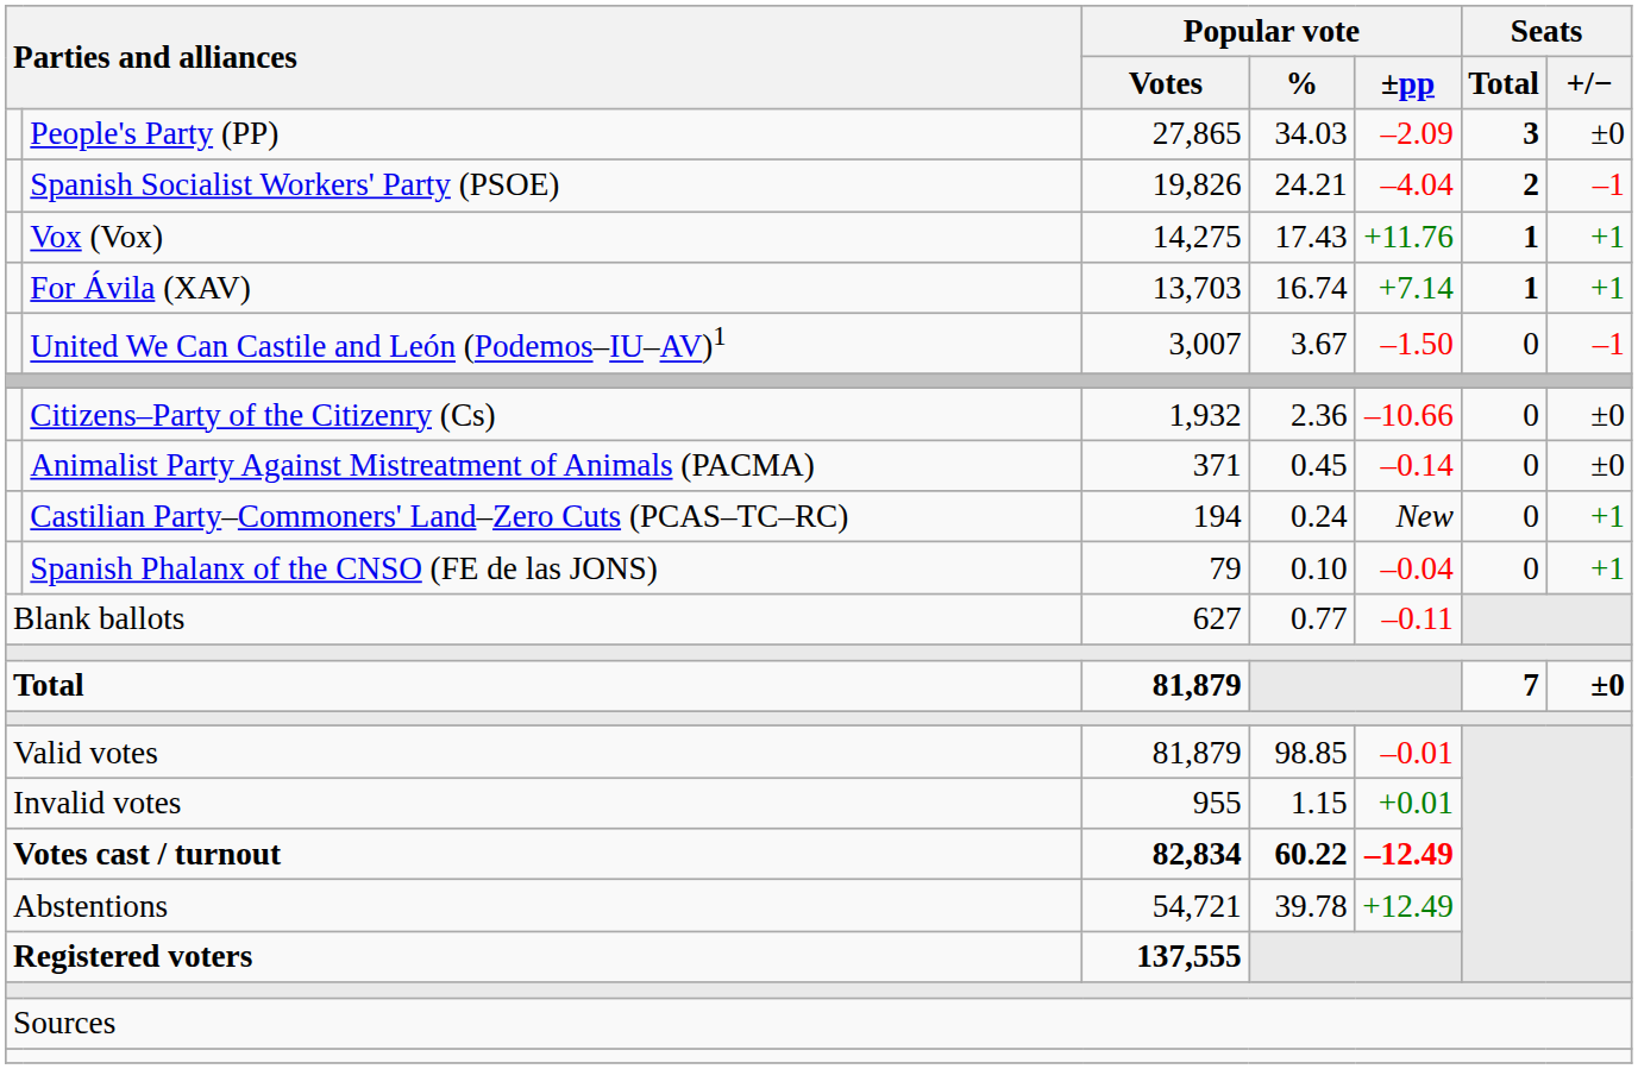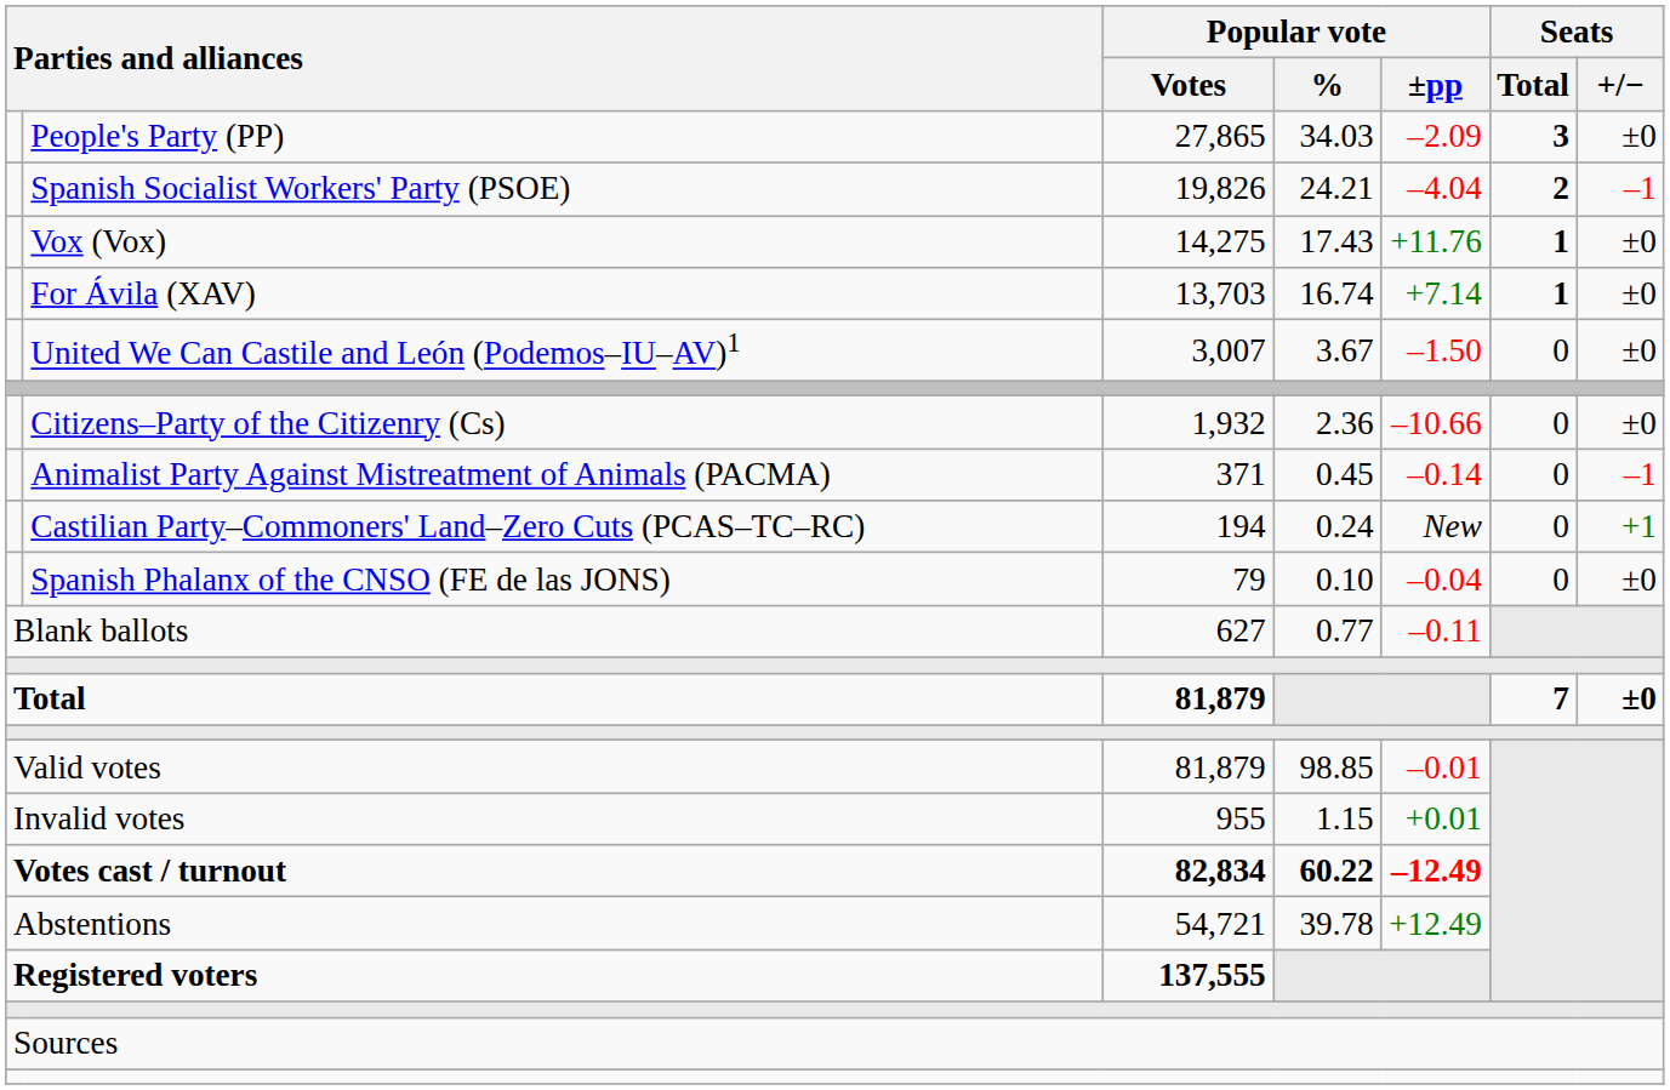 <table class="wikitable" style="text-align:right;">
 <tr>
 <th style="text-align:left;" rowspan="2" colspan="2" width="525">Parties and alliances</th>
 <th colspan="3">Popular vote</th>
 <th colspan="2">Seats</th>
 </tr>
 <tr>
 <th width="75">Votes</th>
 <th width="45">%</th>
 <th width="45">±<a href='#'>pp</a></th>
 <th width="35">Total</th>
 <th width="35">+/−</th>
 </tr>
 <tr>
 <td width="1" style="color:inherit;background:"></td>
 <td align="left"><a href='#'>People's Party</a> (PP)</td>
 <td>27,865</td>
 <td>34.03</td>
 <td style="color:red;">–2.09</td>
 <td><strong>3</strong></td>
 <td>±0</td>
 </tr>
 <tr>
 <td style="color:inherit;background:"></td>
 <td align="left"><a href='#'>Spanish Socialist Workers' Party</a> (PSOE)</td>
 <td>19,826</td>
 <td>24.21</td>
 <td style="color:red;">–4.04</td>
 <td><strong>2</strong></td>
 <td style="color:red;">–1</td>
 </tr>
 <tr>
 <td style="color:inherit;background:"></td>
 <td align="left"><a href='#'>Vox</a> (Vox)</td>
 <td>14,275</td>
 <td>17.43</td>
 <td style="color:green;">+11.76</td>
 <td><strong>1</strong></td>
-<td style="color:green;">+1</td>
+<td>±0</td>
 </tr>
 <tr>
 <td style="color:inherit;background:"></td>
 <td align="left"><a href='#'>For Ávila</a> (XAV)</td>
 <td>13,703</td>
 <td>16.74</td>
 <td style="color:green;">+7.14</td>
 <td><strong>1</strong></td>
-<td style="color:green;">+1</td>
+<td>±0</td>
 </tr>
 <tr>
 <td style="color:inherit;background:"></td>
 <td align="left"><a href='#'>United We Can Castile and León</a> (<a href='#'>Podemos</a>–<a href='#'>IU</a>–<a href='#'>AV</a>)<sup>1</sup></td>
 <td>3,007</td>
 <td>3.67</td>
 <td style="color:red;">–1.50</td>
 <td>0</td>
-<td style="color:red;">–1</td>
+<td>±0</td>
 </tr>
 <tr>
 <td colspan="7" bgcolor="#C0C0C0"></td>
 </tr>
 <tr>
 <td style="color:inherit;background:"></td>
 <td align="left"><a href='#'>Citizens–Party of the Citizenry</a> (Cs)</td>
 <td>1,932</td>
 <td>2.36</td>
 <td style="color:red;">–10.66</td>
 <td>0</td>
 <td>±0</td>
 </tr>
 <tr>
 <td style="color:inherit;background:"></td>
 <td align="left"><a href='#'>Animalist Party Against Mistreatment of Animals</a> (PACMA)</td>
 <td>371</td>
 <td>0.45</td>
 <td style="color:red;">–0.14</td>
 <td>0</td>
-<td>±0</td>
+<td style="color:red;">–1</td>
 </tr>
 <tr>
 <td style="color:inherit;background:"></td>
 <td align="left"><a href='#'>Castilian Party</a>–<a href='#'>Commoners' Land</a>–<a href='#'>Zero Cuts</a> (PCAS–TC–RC)</td>
 <td>194</td>
 <td>0.24</td>
 <td><em>New</em></td>
 <td>0</td>
 <td style="color:green;">+1</td>
 </tr>
 <tr>
 <td style="color:inherit;background:"></td>
 <td align="left"><a href='#'>Spanish Phalanx of the CNSO</a> (FE de las JONS)</td>
 <td>79</td>
 <td>0.10</td>
 <td style="color:red;">–0.04</td>
 <td>0</td>
-<td style="color:green;">+1</td>
+<td>±0</td>
 </tr>
 <tr>
 <td align="left" colspan="2">Blank ballots</td>
 <td>627</td>
 <td>0.77</td>
 <td style="color:red;">–0.11</td>
 <td bgcolor="#E9E9E9" colspan="2"></td>
 </tr>
 <tr>
 <td colspan="7" bgcolor="#E9E9E9"></td>
 </tr>
 <tr style="font-weight:bold;">
 <td align="left" colspan="2">Total</td>
 <td>81,879</td>
 <td bgcolor="#E9E9E9" colspan="2"></td>
 <td>7</td>
 <td>±0</td>
 </tr>
 <tr>
 <td colspan="7" bgcolor="#E9E9E9"></td>
 </tr>
 <tr>
 <td align="left" colspan="2">Valid votes</td>
 <td>81,879</td>
 <td>98.85</td>
 <td style="color:red;">–0.01</td>
 <td bgcolor="#E9E9E9" colspan="2" rowspan="5"></td>
 </tr>
 <tr>
 <td align="left" colspan="2">Invalid votes</td>
 <td>955</td>
 <td>1.15</td>
 <td style="color:green;">+0.01</td>
 </tr>
 <tr style="font-weight:bold;">
 <td align="left" colspan="2">Votes cast / turnout</td>
 <td>82,834</td>
 <td>60.22</td>
 <td style="color:red;">–12.49</td>
 </tr>
 <tr>
 <td align="left" colspan="2">Abstentions</td>
 <td>54,721</td>
 <td>39.78</td>
 <td style="color:green;">+12.49</td>
 </tr>
 <tr style="font-weight:bold;">
 <td align="left" colspan="2">Registered voters</td>
 <td>137,555</td>
 <td bgcolor="#E9E9E9" colspan="2"></td>
 </tr>
 <tr>
 <td colspan="7" bgcolor="#E9E9E9"></td>
 </tr>
 <tr>
 <td align="left" colspan="7">Sources</td>
 </tr>
 <tr>
 <td colspan="7" style="text-align:left; max-width:790px;"></td>
 </tr>
 </table>
